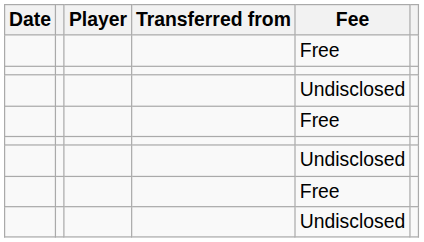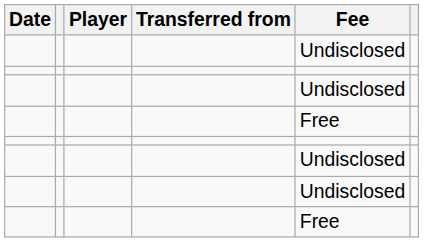 <table class="wikitable plainrowheaders sortable">
 <tr>
 <th scope="col">Date</th>
 <th scope="col"></th>
 <th scope="col">Player</th>
 <th scope="col">Transferred from</th>
 <th scope="col">Fee</th>
 <th scope="col" class="unsortable"></th>
 </tr>
 <tr>
 <td></td>
 <td align="center"></td>
 <td></td>
 <td></td>
-<td>Free</td>
+<td>Undisclosed</td>
 <td></td>
 </tr>
 <tr>
 <td></td>
 <td align="center"></td>
 <td></td>
 <td></td>
 <td></td>
 <td></td>
 </tr>
 <tr>
 <td></td>
 <td align="center"></td>
 <td></td>
 <td></td>
 <td>Undisclosed</td>
 <td></td>
 </tr>
 <tr>
 <td></td>
 <td align="center"></td>
 <td></td>
 <td></td>
 <td>Free</td>
 <td></td>
 </tr>
 <tr>
 <td></td>
 <td align="center"></td>
 <td></td>
 <td></td>
 <td></td>
 <td></td>
 </tr>
 <tr>
 <td></td>
 <td align="center"></td>
 <td></td>
 <td></td>
 <td>Undisclosed</td>
 <td></td>
 </tr>
 <tr>
 <td></td>
 <td align="center"></td>
 <td></td>
 <td></td>
-<td>Free</td>
+<td>Undisclosed</td>
 <td></td>
 </tr>
 <tr>
 <td></td>
 <td align=center></td>
 <td></td>
 <td></td>
-<td>Undisclosed</td>
+<td>Free</td>
 <td></td>
 </tr>
 </table>
